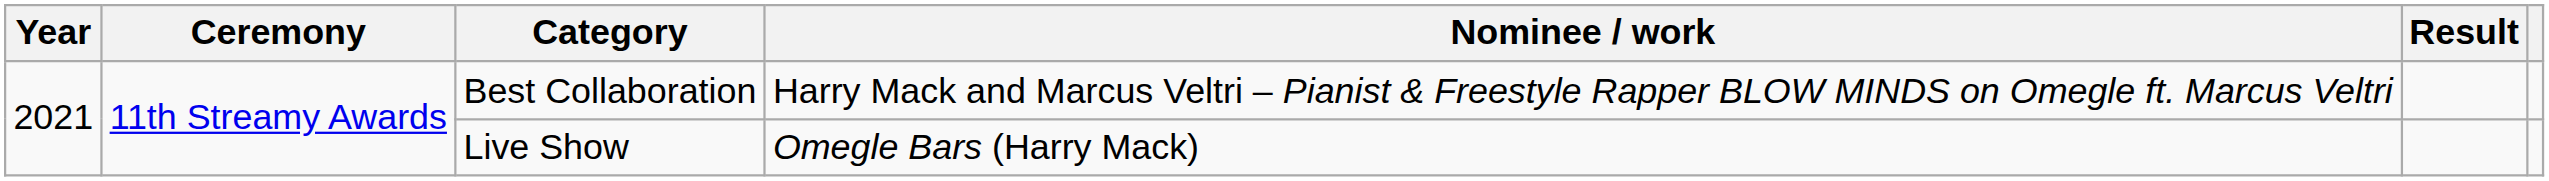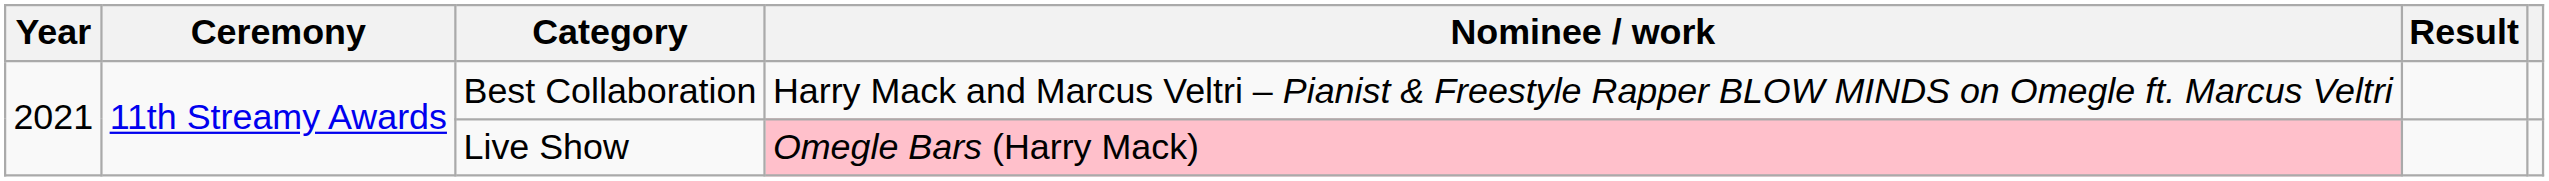 <table class="wikitable">
 <tr>
 <th>Year</th>
 <th>Ceremony</th>
 <th>Category</th>
 <th>Nominee / work</th>
 <th>Result</th>
 <th></th>
 </tr>
 <tr>
 <td rowspan="2">2021</td>
 <td rowspan="2"><a href='#'>11th Streamy Awards</a></td>
 <td>Best Collaboration</td>
 <td>Harry Mack and Marcus Veltri – <em>Pianist & Freestyle Rapper BLOW MINDS on Omegle ft. Marcus Veltri</em></td>
 <td></td>
 <td></td>
 </tr>
 <tr>
 <td>Live Show</td>
-<td><em>Omegle Bars</em> (Harry Mack)</td>
+<td style="background: pink;"><em>Omegle Bars</em> (Harry Mack)</td>
 <td></td>
 <td></td>
 </tr>
 </table>
